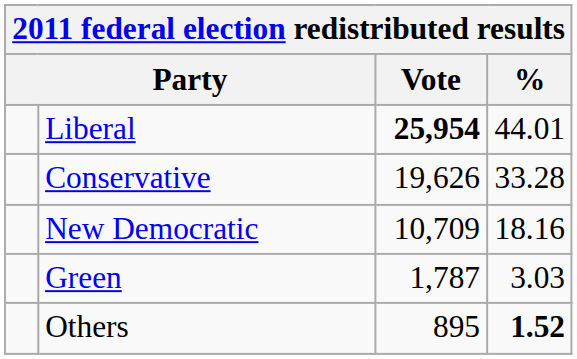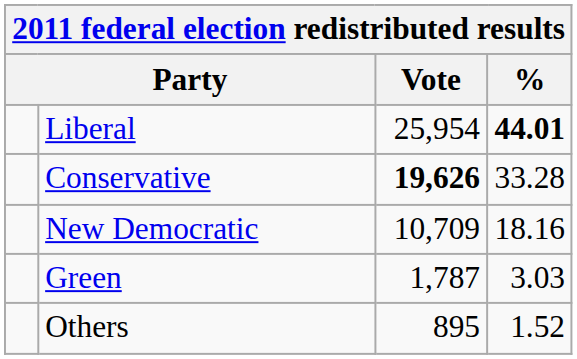 <table class="wikitable">
 <tr>
 <th colspan="4"><a href='#'>2011 federal election</a> redistributed results</th>
 </tr>
 <tr>
 <th bgcolor="#DDDDFF" width="130px" colspan="2">Party</th>
 <th bgcolor="#DDDDFF" width="50px">Vote</th>
 <th bgcolor="#DDDDFF" width="30px">%</th>
 </tr>
 <tr>
 <td> </td>
 <td><a href='#'>Liberal</a></td>
-<td align=right><strong>25,954</strong></td>
-<td align=right>44.01</td>
+<td align=right>25,954</td>
+<td align=right><strong>44.01</strong></td>
 </tr>
 <tr>
 <td> </td>
 <td><a href='#'>Conservative</a></td>
-<td align=right>19,626</td>
+<td align=right><strong>19,626</strong></td>
 <td align=right>33.28</td>
 </tr>
 <tr>
 <td> </td>
 <td><a href='#'>New Democratic</a></td>
 <td align=right>10,709</td>
 <td align=right>18.16</td>
 </tr>
 <tr>
 <td> </td>
 <td><a href='#'>Green</a></td>
 <td align=right>1,787</td>
 <td align=right>3.03</td>
 </tr>
 <tr>
 <td> </td>
 <td>Others</td>
 <td align=right>895</td>
-<td align=right><strong>1.52</strong></td>
+<td align=right>1.52</td>
 </tr>
 </table>
